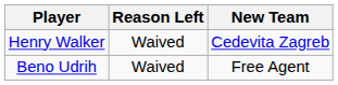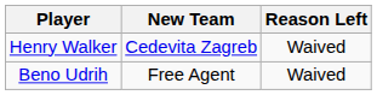 <table class="wikitable sortable sortable">
 <tr>
 <th>Player</th>
+<th>New Team</th>
 <th>Reason Left</th>
-<th>New Team</th>
 </tr>
 <tr style="text-align: center">
 <td><a href='#'>Henry Walker</a></td>
+<td><a href='#'>Cedevita Zagreb</a></td>
 <td>Waived</td>
-<td><a href='#'>Cedevita Zagreb</a></td>
 </tr>
 <tr style="text-align: center">
 <td><a href='#'>Beno Udrih</a></td>
+<td>Free Agent</td>
 <td>Waived</td>
-<td>Free Agent</td>
 </tr>
 </table>
